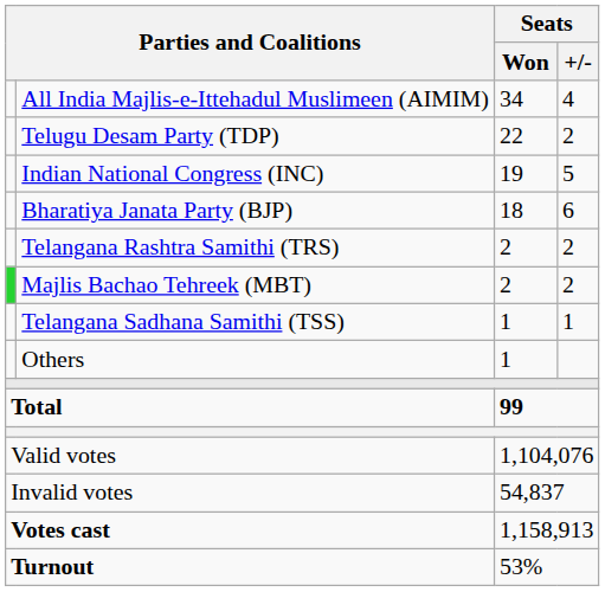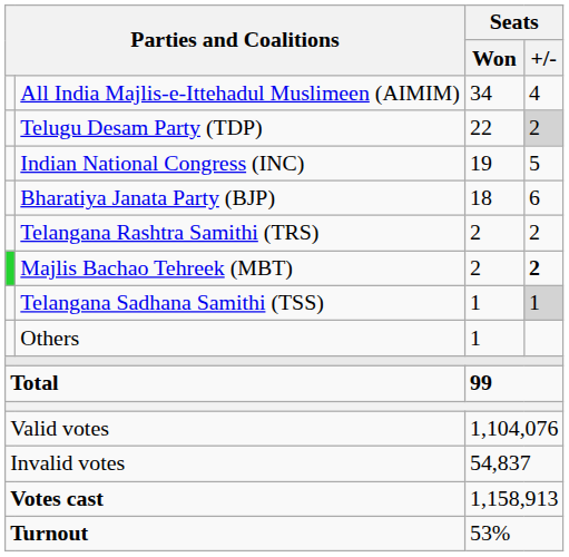 <table class="wikitable sortable">
 <tr>
 <th colspan="2" rowspan="2" width="150">Parties and Coalitions</th>
 <th colspan="2">Seats</th>
 </tr>
 <tr>
 <th>Won</th>
 <th>+/-</th>
 </tr>
 <tr>
 <td></td>
 <td align="left"><a href='#'>All India Majlis-e-Ittehadul Muslimeen</a> (AIMIM)</td>
 <td>34</td>
 <td> 4</td>
 </tr>
 <tr>
 <td></td>
 <td align="left"><a href='#'>Telugu Desam Party</a> (TDP)</td>
 <td>22</td>
-<td> 2</td>
+<td style="background: lightgrey;"> 2</td>
 </tr>
 <tr>
 <td></td>
 <td align="left"><a href='#'>Indian National Congress</a> (INC)</td>
 <td>19</td>
 <td> 5</td>
 </tr>
 <tr>
 <td></td>
 <td align="left"><a href='#'>Bharatiya Janata Party</a> (BJP)</td>
 <td>18</td>
 <td> 6</td>
 </tr>
 <tr>
 <td></td>
 <td align="left"><a href='#'>Telangana Rashtra Samithi</a> (TRS)</td>
 <td>2</td>
 <td> 2</td>
 </tr>
 <tr>
 <td bgcolor="24D330"></td>
 <td align="left"><a href='#'>Majlis Bachao Tehreek</a> (MBT)</td>
 <td>2</td>
-<td> 2</td>
+<td><strong> 2</strong></td>
 </tr>
 <tr>
 <td></td>
 <td align="left"><a href='#'>Telangana Sadhana Samithi</a> (TSS)</td>
 <td>1</td>
-<td> 1</td>
+<td style="background: lightgrey;"> 1</td>
 </tr>
 <tr>
 <td></td>
 <td align="left">Others</td>
 <td>1</td>
 <td></td>
 </tr>
 <tr>
 <td colspan="4" bgcolor="#E9E9E9"></td>
 </tr>
 <tr style="font-weight:bold;">
 <td colspan="2" align="left">Total</td>
 <td colspan="2">99</td>
 </tr>
 <tr>
 <th colspan="5"></th>
 </tr>
 <tr>
 <td colspan="2" style="text-align:left;">Valid votes</td>
 <td colspan="2">1,104,076</td>
 </tr>
 <tr>
 <td colspan="2" style="text-align:left;">Invalid votes</td>
 <td colspan="2">54,837</td>
 </tr>
 <tr>
 <td colspan="2" style="text-align:left;"><strong>Votes cast</strong></td>
 <td colspan="2">1,158,913</td>
 </tr>
 <tr>
 <td colspan="2" style="text-align:left;"><strong>Turnout</strong></td>
 <td colspan="2">53%</td>
 </tr>
 </table>
